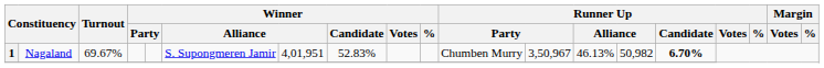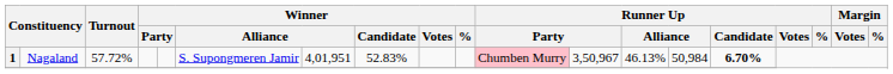 <table class="wikitable sortable" style="text-align:center;">
 <tr>
 <th colspan="2" rowspan="2">Constituency</th>
 <th rowspan="2">Turnout</th>
 <th colspan="7">Winner</th>
 <th colspan="7">Runner Up</th>
 <th colspan="2">Margin</th>
 </tr>
 <tr>
 <th colspan="2">Party</th>
 <th colspan="2">Alliance</th>
 <th>Candidate</th>
 <th>Votes</th>
 <th>%</th>
 <th colspan="2">Party</th>
 <th colspan="2">Alliance</th>
 <th>Candidate</th>
 <th>Votes</th>
 <th>%</th>
 <th>Votes</th>
 <th>%</th>
 </tr>
 <tr>
 <th>1</th>
 <td><a href='#'>Nagaland</a></td>
-<td>69.67%</td>
+<td>57.72%</td>
 <td></td>
 <td></td>
 <td><a href='#'>S. Supongmeren Jamir</a></td>
 <td>4,01,951</td>
 <td>52.83%</td>
 <td></td>
 <td></td>
-<td>Chumben Murry</td>
+<td style="background: pink;">Chumben Murry</td>
 <td>3,50,967</td>
 <td>46.13%</td>
-<td style="background:">50,982</td>
+<td style="background:">50,984</td>
 <td style="background:"><strong>6.70%</strong></td>
 </tr>
 <tr>
 </tr>
 </table>
